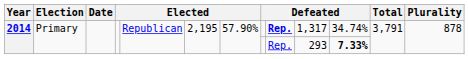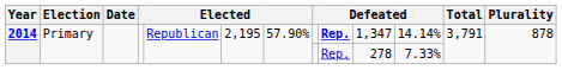 <table class="wikitable">
 <tr>
 <th>Year</th>
 <th>Election</th>
 <th>Date</th>
 <th colspan="4">Elected</th>
 <th colspan="4">Defeated</th>
 <th>Total</th>
 <th>Plurality</th>
 </tr>
 <tr>
 <th rowspan="2" valign="top"><a href='#'>2014</a></th>
 <td rowspan="2" valign="top">Primary</td>
 <td rowspan="2" valign="top"></td>
 <td rowspan="2" valign="top"></td>
 <td rowspan="2" valign="top" ><a href='#'>Republican</a></td>
 <td rowspan="2" valign="top" align="right">2,195</td>
 <td rowspan="2" valign="top" align="right">57.90%</td>
 <td valign="top"></td>
 <td valign="top" ><strong><a href='#'>Rep.</a></strong></td>
-<td valign="top" align="right">1,317</td>
-<td valign="top" align="right">34.74%</td>
+<td valign="top" align="right">1,347</td>
+<td valign="top" align="right">14.14%</td>
 <td rowspan="2" valign="top" align="right">3,791</td>
 <td rowspan="2" valign="top" align="right">878</td>
 </tr>
 <tr>
 <td valign="top"></td>
 <td valign="top" ><a href='#'>Rep.</a></td>
-<td valign="top" align="right">293</td>
-<td valign="top" align="right"><strong>7.33%</strong></td>
+<td valign="top" align="right">278</td>
+<td valign="top" align="right">7.33%</td>
 </tr>
 </table>
